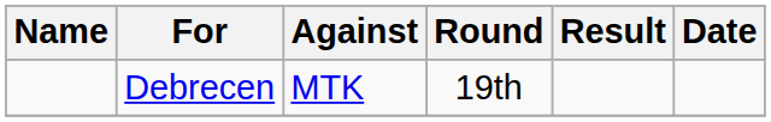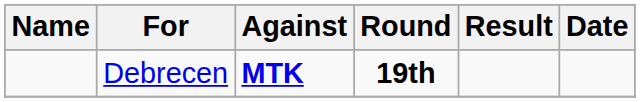 <table class="wikitable sortable" style="white-space:nowrap;">
 <tr>
 <th>Name</th>
 <th>For</th>
 <th>Against</th>
 <th>Round</th>
 <th>Result</th>
 <th>Date</th>
 </tr>
 <tr>
 <td> </td>
 <td><a href='#'>Debrecen</a></td>
-<td><a href='#'>MTK</a></td>
-<td align=center>19th</td>
+<td><strong><a href='#'>MTK</a></strong></td>
+<td align=center><strong>19th</strong></td>
 <td align=center></td>
 <td></td>
 </tr>
 <tr>
 </tr>
 </table>
